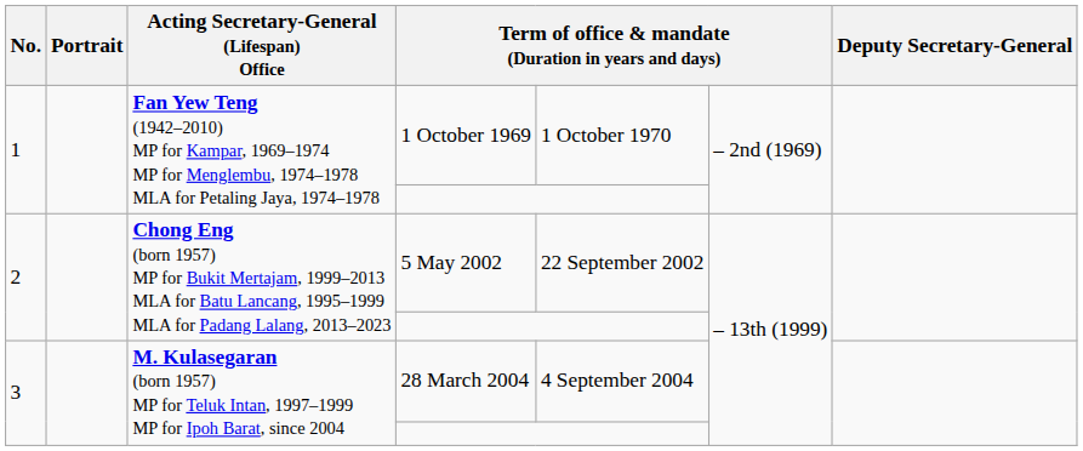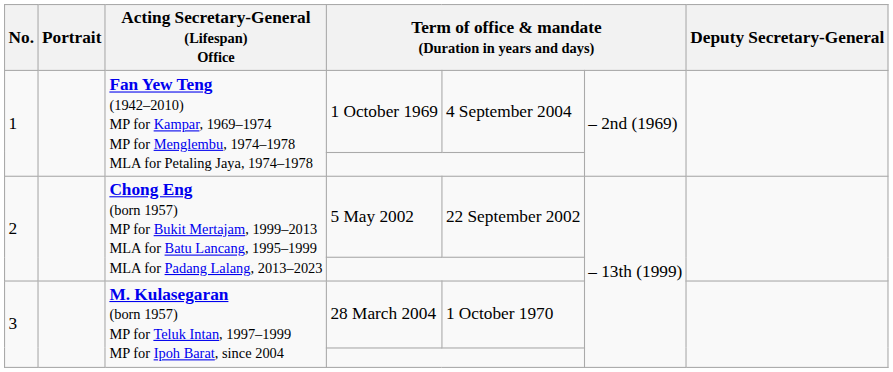 <table class="wikitable">
 <tr>
 <th>No.</th>
 <th>Portrait</th>
 <th>Acting Secretary-General<br><small>(Lifespan)</small><br><small>Office</small></th>
 <th colspan="3">Term of office & mandate<br><small>(Duration in years and days)</small></th>
 <th>Deputy Secretary-General</th>
 </tr>
 <tr>
 <td rowspan="2">1</td>
 <td rowspan="2"></td>
 <td rowspan="2"><strong><a href='#'>Fan Yew Teng</a></strong> <br> <small>(1942–2010)</small> <br> <small>MP for <a href='#'>Kampar</a>, 1969–1974</small> <br> <small> MP for <a href='#'>Menglembu</a>, 1974–1978 </small> <br> <small>MLA for Petaling Jaya, 1974–1978 </small></td>
 <td>1 October 1969</td>
-<td>1 October 1970</td>
+<td>4 September 2004</td>
 <td rowspan="2">– 2nd (1969)</td>
 <td rowspan="2"></td>
 </tr>
 <tr>
 <td colspan="2" align="center"></td>
 </tr>
 <tr>
 <td rowspan="2">2</td>
 <td rowspan="2"></td>
 <td rowspan="2"><strong><a href='#'>Chong Eng</a></strong> <br> <small>(born 1957)</small> <br> <small>MP for <a href='#'>Bukit Mertajam</a>, 1999–2013 </small> <br> <small> MLA for <a href='#'>Batu Lancang</a>, 1995–1999 </small> <br> <small>MLA for <a href='#'>Padang Lalang</a>, 2013–2023</small></td>
 <td>5 May 2002</td>
 <td>22 September 2002</td>
 <td rowspan="4">– 13th (1999)</td>
 <td rowspan="2"></td>
 </tr>
 <tr>
 <td colspan="2" align="center"></td>
 </tr>
 <tr>
 <td rowspan="2">3</td>
 <td rowspan="2"></td>
 <td rowspan="2"><strong><a href='#'>M. Kulasegaran</a></strong> <br> <small>(born 1957)</small> <br> <small> MP for <a href='#'>Teluk Intan</a>, 1997–1999</small> <br> <small>MP for <a href='#'>Ipoh Barat</a>, since 2004 </small></td>
 <td>28 March 2004</td>
-<td>4 September 2004</td>
+<td>1 October 1970</td>
 <td rowspan="2"></td>
 </tr>
 <tr>
 <td colspan="2" align="center"></td>
 </tr>
 </table>
